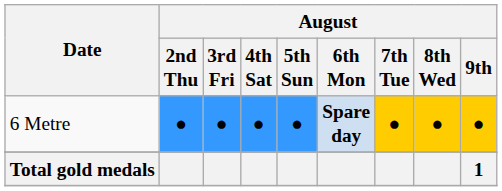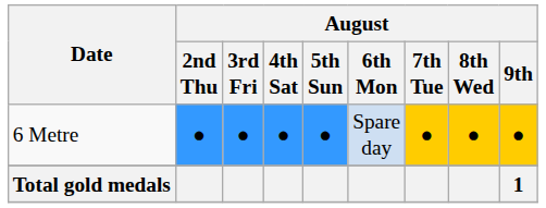 <table class="wikitable" style="margin:0.5em auto; font-size:90%; line-height:1.25em;">
 <tr>
 <th rowspan = 2>Date</th>
 <th colspan = 10>August</th>
 </tr>
 <tr>
 <th>2nd<br>Thu</th>
 <th>3rd<br>Fri</th>
 <th>4th<br>Sat</th>
 <th>5th<br>Sun</th>
 <th>6th<br>Mon</th>
 <th>7th<br>Tue</th>
 <th>8th<br>Wed</th>
 <th>9th</th>
 </tr>
 <tr align="center">
 <td align="left">6 Metre</td>
 <td bgcolor=#3399ff><span>●</span></td>
 <td bgcolor=#3399ff><span>●</span></td>
 <td bgcolor=#3399ff><span>●</span></td>
 <td bgcolor=#3399ff><span>●</span></td>
-<td bgcolor=#cedff2><strong>Spare<br>day</strong></td>
+<td bgcolor=#cedff2>Spare<br>day</td>
 <td bgcolor=#ffcc00><span>●</span></td>
 <td bgcolor=#ffcc00><span>●</span></td>
 <td bgcolor=#ffcc00><span>●</span></td>
 </tr>
 <tr align="center">
 </tr>
 <tr>
 <th>Total gold medals</th>
 <th></th>
 <th></th>
 <th></th>
 <th></th>
 <th></th>
 <th></th>
 <th></th>
 <th>1</th>
 </tr>
 <tr>
 </tr>
 </table>
